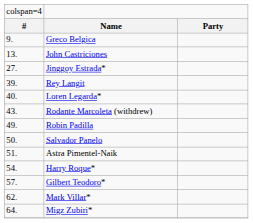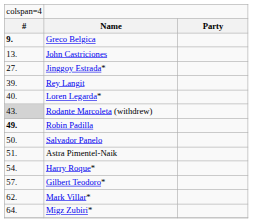 <table class=wikitable style="font-size:90%">
 <tr>
 <td>colspan=4 </td>
 </tr>
 <tr>
 <th>#</th>
 <th width=55%>Name</th>
 <th colspan=2 width=110px>Party</th>
 </tr>
 <tr>
-<td>9.</td>
+<td><strong>9.</strong></td>
 <td><a href='#'>Greco Belgica</a></td>
 <td></td>
 </tr>
 <tr>
 <td>13.</td>
 <td><a href='#'>John Castriciones</a></td>
 <td></td>
 </tr>
 <tr>
 <td>27.</td>
 <td><a href='#'>Jinggoy Estrada</a>*</td>
 <td></td>
 </tr>
 <tr>
 <td>39.</td>
 <td><a href='#'>Rey Langit</a></td>
 <td></td>
 </tr>
 <tr>
 <td>40.</td>
 <td><a href='#'>Loren Legarda</a>*</td>
 <td></td>
 </tr>
 <tr>
-<td>43.</td>
+<td style="background: lightgrey;">43.</td>
 <td><a href='#'>Rodante Marcoleta</a> (withdrew)</td>
 <td></td>
 </tr>
 <tr>
-<td>49.</td>
+<td><strong>49.</strong></td>
 <td><a href='#'>Robin Padilla</a></td>
 <td></td>
 </tr>
 <tr>
 <td>50.</td>
 <td><a href='#'>Salvador Panelo</a></td>
 <td></td>
 </tr>
 <tr>
 <td>51.</td>
 <td>Astra Pimentel-Naik</td>
 <td></td>
 </tr>
 <tr>
 <td>54.</td>
 <td><a href='#'>Harry Roque</a>*</td>
 <td></td>
 </tr>
 <tr>
 <td>57.</td>
 <td><a href='#'>Gilbert Teodoro</a>*</td>
 <td></td>
 </tr>
 <tr>
 <td>62.</td>
 <td><a href='#'>Mark Villar</a>*</td>
 <td></td>
 </tr>
 <tr>
 <td>64.</td>
 <td><a href='#'>Migz Zubiri</a>*</td>
 <td></td>
 </tr>
 <tr>
 </tr>
 </table>
